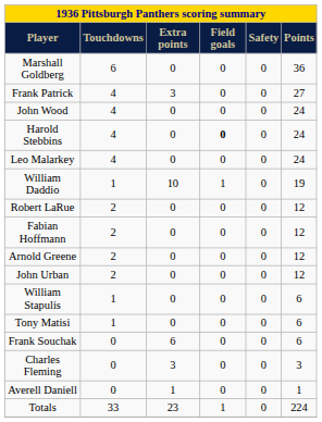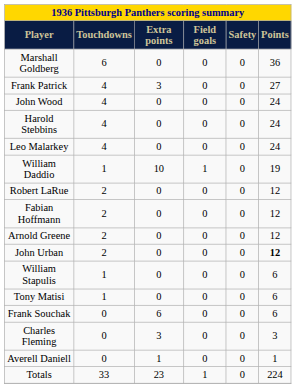 <table class="wikitable" width="35%">
 <tr>
 <th colspan="10" style="background:gold; color:darkblue; text-align: center;"><strong>1936 Pittsburgh Panthers scoring summary</strong></th>
 </tr>
 <tr align="center"  style="background:#091C44;color:#CEC499;">
 <td><strong>Player</strong></td>
 <td><strong>Touchdowns</strong></td>
 <td><strong>Extra points</strong></td>
 <td><strong>Field goals</strong></td>
 <td><strong>Safety</strong></td>
 <td><strong>Points</strong></td>
 </tr>
 <tr align="center" bgcolor="">
 <td>Marshall Goldberg</td>
 <td>6</td>
 <td>0</td>
 <td>0</td>
 <td>0</td>
 <td>36</td>
 </tr>
 <tr align="center" bgcolor="">
 <td>Frank Patrick</td>
 <td>4</td>
 <td>3</td>
 <td>0</td>
 <td>0</td>
 <td>27</td>
 </tr>
 <tr align="center" bgcolor="">
 <td>John Wood</td>
 <td>4</td>
 <td>0</td>
 <td>0</td>
 <td>0</td>
 <td>24</td>
 </tr>
 <tr align="center" bgcolor="">
 <td>Harold Stebbins</td>
 <td>4</td>
 <td>0</td>
-<td><strong>0</strong></td>
+<td>0</td>
 <td>0</td>
 <td>24</td>
 </tr>
 <tr align="center" bgcolor="">
 <td>Leo Malarkey</td>
 <td>4</td>
 <td>0</td>
 <td>0</td>
 <td>0</td>
 <td>24</td>
 </tr>
 <tr align="center" bgcolor="">
 <td>William Daddio</td>
 <td>1</td>
 <td>10</td>
 <td>1</td>
 <td>0</td>
 <td>19</td>
 </tr>
 <tr align="center" bgcolor="">
 <td>Robert LaRue</td>
 <td>2</td>
 <td>0</td>
 <td>0</td>
 <td>0</td>
 <td>12</td>
 </tr>
 <tr align="center" bgcolor="">
 <td>Fabian Hoffmann</td>
 <td>2</td>
 <td>0</td>
 <td>0</td>
 <td>0</td>
 <td>12</td>
 </tr>
 <tr align="center" bgcolor="">
 <td>Arnold Greene</td>
 <td>2</td>
 <td>0</td>
 <td>0</td>
 <td>0</td>
 <td>12</td>
 </tr>
 <tr align="center" bgcolor="">
 <td>John Urban</td>
 <td>2</td>
 <td>0</td>
 <td>0</td>
 <td>0</td>
-<td>12</td>
+<td><strong>12</strong></td>
 </tr>
 <tr align="center" bgcolor="">
 <td>William Stapulis</td>
 <td>1</td>
 <td>0</td>
 <td>0</td>
 <td>0</td>
 <td>6</td>
 </tr>
 <tr align="center" bgcolor="">
 <td>Tony Matisi</td>
 <td>1</td>
 <td>0</td>
 <td>0</td>
 <td>0</td>
 <td>6</td>
 </tr>
 <tr align="center" bgcolor="">
 <td>Frank Souchak</td>
 <td>0</td>
 <td>6</td>
 <td>0</td>
 <td>0</td>
 <td>6</td>
 </tr>
 <tr align="center" bgcolor="">
 <td>Charles Fleming</td>
 <td>0</td>
 <td>3</td>
 <td>0</td>
 <td>0</td>
 <td>3</td>
 </tr>
 <tr align="center" bgcolor="">
 <td>Averell Daniell</td>
 <td>0</td>
 <td>1</td>
 <td>0</td>
 <td>0</td>
 <td>1</td>
 </tr>
 <tr align="center" bgcolor="">
 <td>Totals</td>
 <td>33</td>
 <td>23</td>
 <td>1</td>
 <td>0</td>
 <td>224</td>
 </tr>
 <tr align="center" bgcolor="">
 </tr>
 </table>
